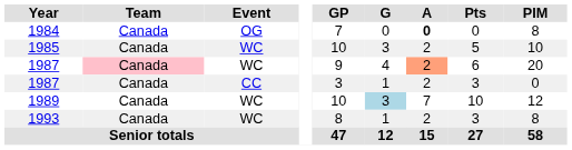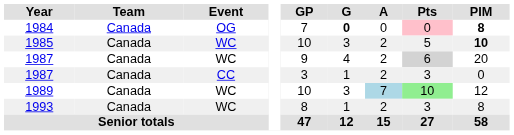 <table border="0" cellpadding="1" cellspacing="0" style="text-align:center; width:40em">
 <tr ALIGN="center" bgcolor="#e0e0e0">
 <th>Year</th>
 <th>Team</th>
 <th>Event</th>
 <th rowspan="99" bgcolor="#ffffff"> </th>
 <th>GP</th>
 <th>G</th>
 <th>A</th>
 <th>Pts</th>
 <th>PIM</th>
 </tr>
 <tr>
 <td><a href='#'>1984</a></td>
 <td><a href='#'>Canada</a></td>
 <td><a href='#'>OG</a></td>
 <td>7</td>
-<td>0</td>
 <td><strong>0</strong></td>
 <td>0</td>
-<td>8</td>
+<td style="background: pink;">0</td>
+<td><strong>8</strong></td>
 </tr>
 <tr bgcolor="#f0f0f0">
 <td><a href='#'>1985</a></td>
 <td>Canada</td>
 <td><a href='#'>WC</a></td>
 <td>10</td>
 <td>3</td>
 <td>2</td>
 <td>5</td>
-<td>10</td>
+<td><strong>10</strong></td>
 </tr>
 <tr>
 <td><a href='#'>1987</a></td>
-<td style="background: pink;">Canada</td>
+<td>Canada</td>
 <td>WC</td>
 <td>9</td>
 <td>4</td>
-<td style="background: lightsalmon;">2</td>
-<td>6</td>
+<td>2</td>
+<td style="background: lightgrey;">6</td>
 <td>20</td>
 </tr>
 <tr bgcolor="#f0f0f0">
 <td><a href='#'>1987</a></td>
 <td>Canada</td>
 <td><a href='#'>CC</a></td>
 <td>3</td>
 <td>1</td>
 <td>2</td>
 <td>3</td>
 <td>0</td>
 </tr>
 <tr>
 <td><a href='#'>1989</a></td>
 <td>Canada</td>
 <td>WC</td>
 <td>10</td>
-<td style="background: lightblue;">3</td>
-<td>7</td>
-<td>10</td>
+<td>3</td>
+<td style="background: lightblue;">7</td>
+<td style="background: lightgreen;">10</td>
 <td>12</td>
 </tr>
 <tr bgcolor="#f0f0f0">
 <td><a href='#'>1993</a></td>
 <td>Canada</td>
 <td>WC</td>
 <td>8</td>
 <td>1</td>
 <td>2</td>
 <td>3</td>
 <td>8</td>
 </tr>
 <tr style="background:#e0e0e0;">
 <th colspan="3">Senior totals</th>
 <th>47</th>
 <th>12</th>
 <th>15</th>
 <th>27</th>
 <th>58</th>
 </tr>
 </table>
